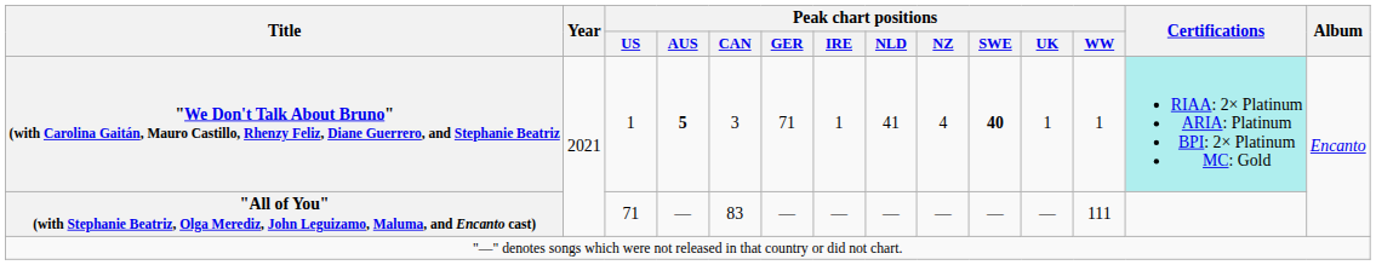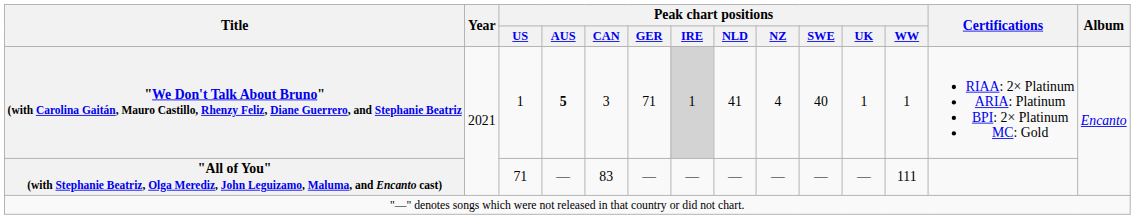 <table class="wikitable plainrowheaders" style="text-align:center;">
 <tr>
 <th scope="col" rowspan="2">Title</th>
 <th scope="col" rowspan="2">Year</th>
 <th scope="col" colspan="10">Peak chart positions</th>
 <th scope="col" rowspan="2"><a href='#'>Certifications</a></th>
 <th scope="col" rowspan="2">Album</th>
 </tr>
 <tr>
 <th scope="col" style="width:3em;font-size:90%;"><a href='#'>US</a><br></th>
 <th scope="col" style="width:3em;font-size:90%;"><a href='#'>AUS</a><br></th>
 <th scope="col" style="width:3em;font-size:90%;"><a href='#'>CAN</a><br></th>
 <th scope="col" style="width:3em;font-size:90%;"><a href='#'>GER</a><br></th>
 <th scope="col" style="width:3em;font-size:90%;"><a href='#'>IRE</a><br></th>
 <th scope="col" style="width:3em;font-size:90%;"><a href='#'>NLD</a><br></th>
 <th scope="col" style="width:3em;font-size:90%;"><a href='#'>NZ</a><br></th>
 <th scope="col" style="width:3em;font-size:90%;"><a href='#'>SWE</a><br></th>
 <th scope="col" style="width:3em;font-size:90%;"><a href='#'>UK</a><br></th>
 <th scope="col" style="width:3em;font-size:90%;"><a href='#'>WW</a><br></th>
 </tr>
 <tr>
 <th scope="row">"<a href='#'>We Don't Talk About Bruno</a>"<br><small>(with <a href='#'>Carolina Gaitán</a>, Mauro Castillo, <a href='#'>Rhenzy Feliz</a>, <a href='#'>Diane Guerrero</a>, and <a href='#'>Stephanie Beatriz</a></small></th>
 <td rowspan="2">2021</td>
 <td>1</td>
 <td><strong>5<br></strong></td>
 <td>3</td>
 <td>71</td>
-<td>1</td>
+<td style="background: lightgrey;">1</td>
 <td>41</td>
 <td>4<br></td>
-<td><strong>40<br></strong></td>
+<td>40<br></td>
 <td>1</td>
 <td>1</td>
-<td style="background: paleturquoise;"><br><ul><li><a href='#'>RIAA</a>: 2× Platinum</li><li><a href='#'>ARIA</a>: Platinum</li><li><a href='#'>BPI</a>: 2× Platinum</li><li><a href='#'>MC</a>: Gold</li></ul></td>
+<td><br><ul><li><a href='#'>RIAA</a>: 2× Platinum</li><li><a href='#'>ARIA</a>: Platinum</li><li><a href='#'>BPI</a>: 2× Platinum</li><li><a href='#'>MC</a>: Gold</li></ul></td>
 <td rowspan="2"><em><a href='#'>Encanto</a></em></td>
 </tr>
 <tr>
 <th scope="row">"All of You"<br><small>(with <a href='#'>Stephanie Beatriz</a>, <a href='#'>Olga Merediz</a>, <a href='#'>John Leguizamo</a>, <a href='#'>Maluma</a>, and <em>Encanto</em> cast)</small></th>
 <td>71</td>
 <td>—</td>
 <td>83</td>
 <td>—</td>
 <td>—</td>
 <td>—</td>
 <td>—</td>
 <td>—</td>
 <td>—</td>
 <td>111</td>
 <td></td>
 </tr>
 <tr>
 <td colspan="14" style="font-size:85%;">"—" denotes songs which were not released in that country or did not chart.</td>
 </tr>
 </table>
